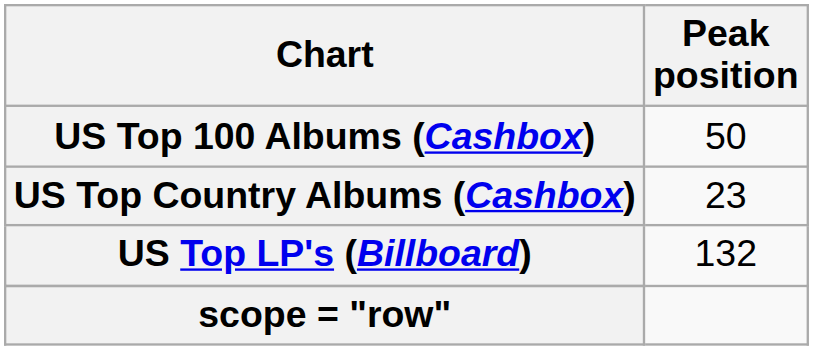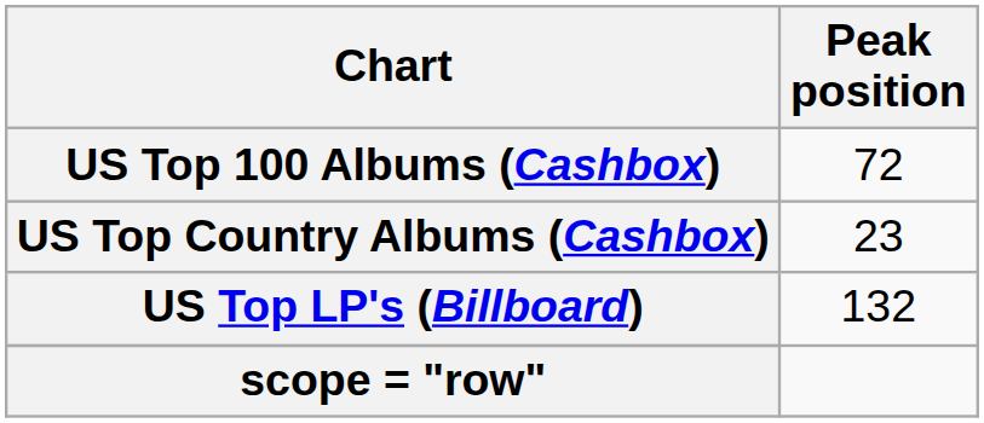 <table class="wikitable sortable plainrowheaders" style="text-align:center">
 <tr>
 <th scope="col">Chart</th>
 <th scope="col">Peak<br>position</th>
 </tr>
 <tr>
 <th scope = "row">US Top 100 Albums (<em><a href='#'>Cashbox</a></em>)</th>
-<td>50</td>
+<td>72</td>
 </tr>
 <tr>
 <th scope = "row">US Top Country Albums (<em><a href='#'>Cashbox</a></em>)</th>
 <td>23</td>
 </tr>
 <tr>
 <th scope = "row">US <a href='#'>Top LP's</a> (<em><a href='#'>Billboard</a></em>)</th>
 <td>132</td>
 </tr>
 <tr>
 </tr>
 <tr>
 <th>scope = "row" </th>
 </tr>
 </table>
